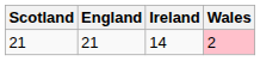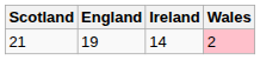 <table class="wikitable">
 <tr>
 <th>Scotland</th>
 <th>England</th>
 <th>Ireland</th>
 <th>Wales</th>
 </tr>
 <tr>
 <td>21</td>
-<td>21</td>
+<td>19</td>
 <td>14</td>
 <td style="background: pink;">2</td>
 </tr>
 </table>
